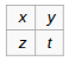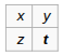 <table class="wikitable" style="margin:1em auto;">
 <tr>
 <td>  <em>x</em> </td>
 <td>  <em>y</em> </td>
 </tr>
 <tr>
 <td>  <em>z</em> </td>
-<td>  <em>t</em> </td>
+<td><strong>  <em>t</em> </strong></td>
 </tr>
 </table>
